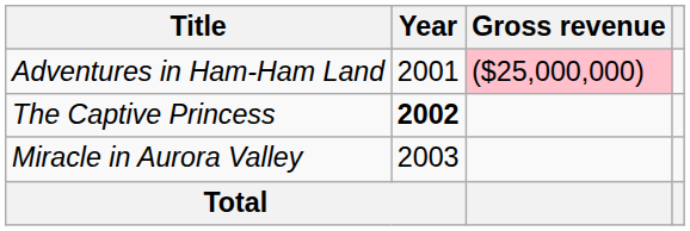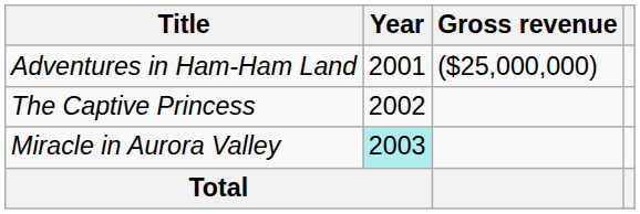 <table class="wikitable sortable">
 <tr>
 <th>Title</th>
 <th>Year</th>
 <th>Gross revenue</th>
 <th></th>
 </tr>
 <tr>
 <td><em>Adventures in Ham-Ham Land</em></td>
 <td>2001</td>
-<td style="background: pink;"> ($25,000,000)</td>
+<td> ($25,000,000)</td>
 <td></td>
 </tr>
 <tr>
 <td><em>The Captive Princess</em></td>
-<td><strong>2002</strong></td>
+<td>2002</td>
 <td></td>
 <td></td>
 </tr>
 <tr>
 <td><em>Miracle in Aurora Valley</em></td>
-<td>2003</td>
+<td style="background: paleturquoise;">2003</td>
 <td></td>
 <td></td>
 </tr>
 <tr>
 <th colspan="2">Total</th>
 <th></th>
 <th></th>
 </tr>
 </table>
